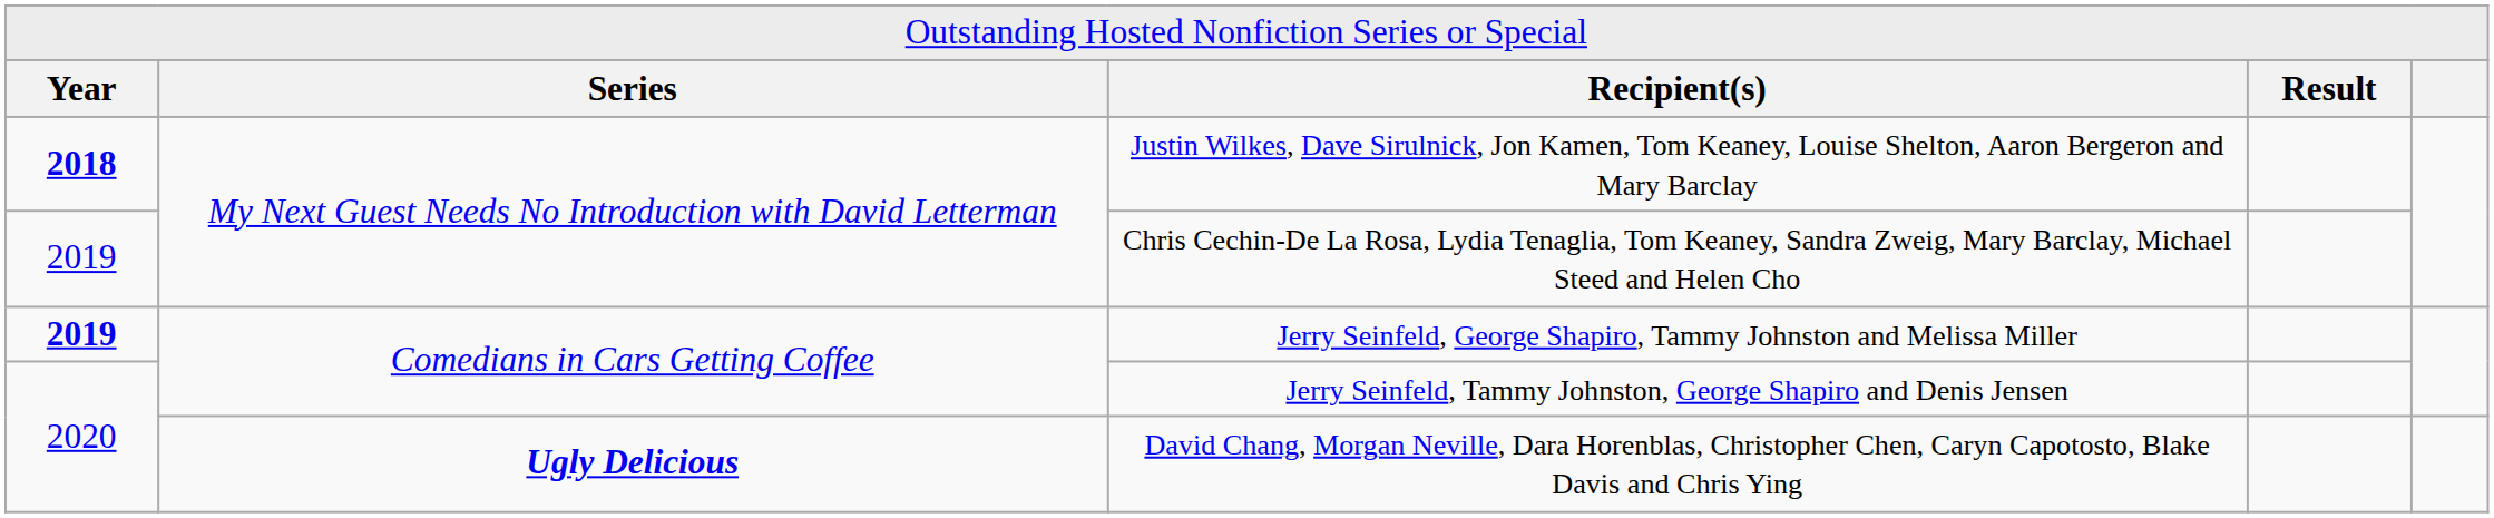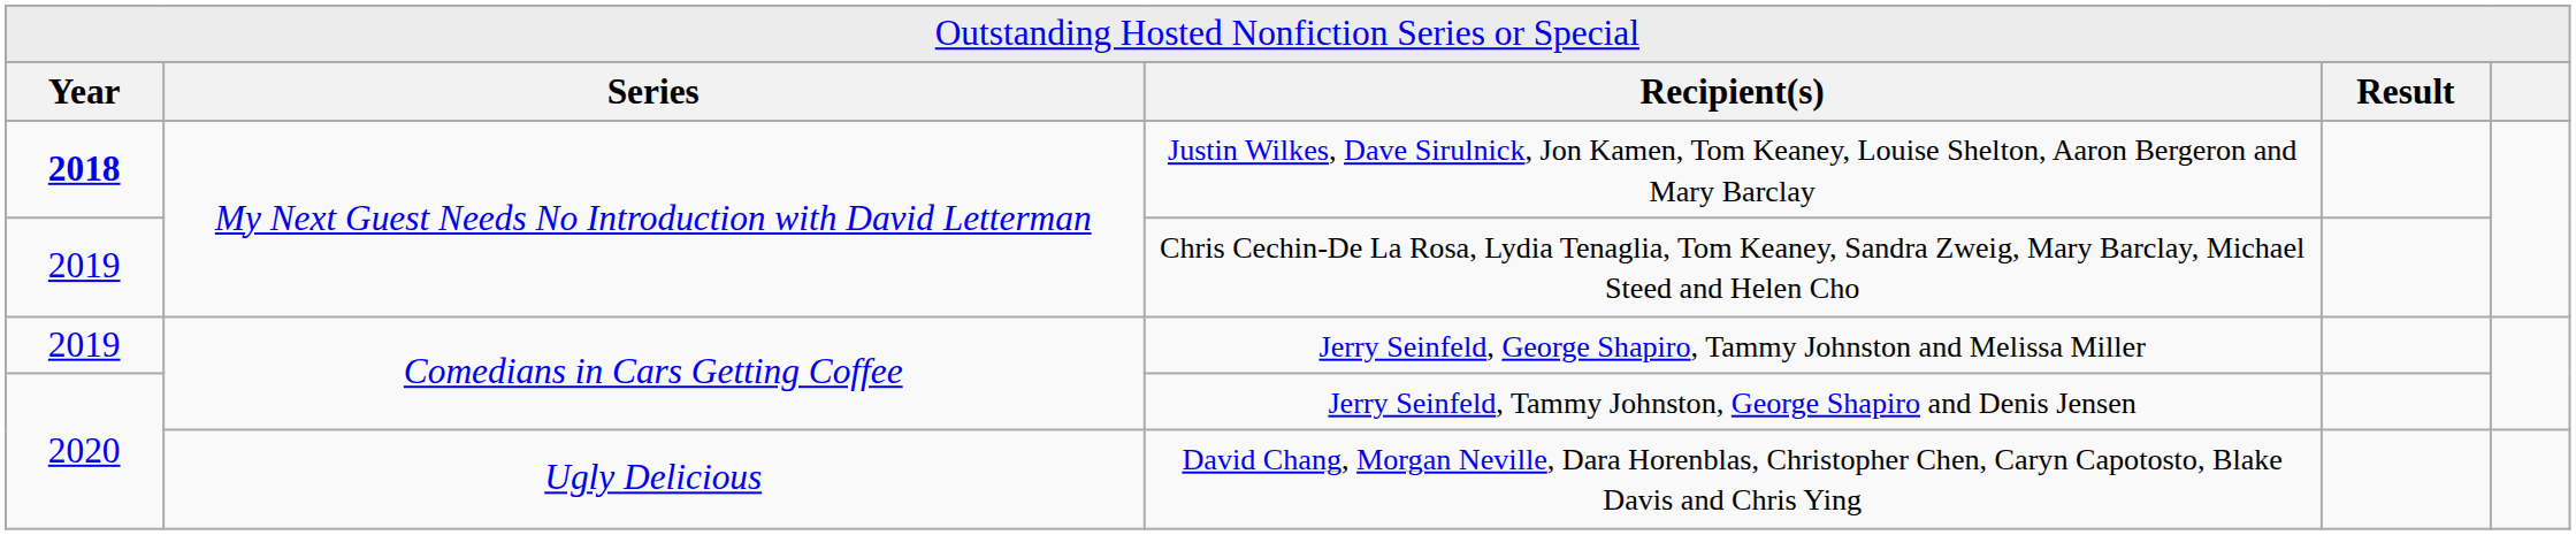 <table class="wikitable plainrowheaders" style="font-size: 100%" width=90%>
 <tr>
 <td style="background: #ececec; color:grey; text-align:center;" colspan="10"><a href='#'>Outstanding Hosted Nonfiction Series or Special</a></td>
 </tr>
 <tr>
 <th width="4%">Year</th>
 <th width="25%">Series</th>
 <th width="30%">Recipient(s)</th>
 <th width="4%">Result</th>
 <th width="2%"></th>
 </tr>
 <tr>
 <td style="text-align:center;"><strong><a href='#'>2018</a></strong></td>
 <td style="text-align:center;" rowspan="2"><em><a href='#'>My Next Guest Needs No Introduction with David Letterman</a></em></td>
 <td style="text-align:center;"><small><a href='#'>Justin Wilkes</a>, <a href='#'>Dave Sirulnick</a>, Jon Kamen, Tom Keaney, Louise Shelton, Aaron Bergeron and Mary Barclay</small></td>
 <td></td>
 <td style="text-align:center;" rowspan="2"></td>
 </tr>
 <tr>
 <td style="text-align:center;"><a href='#'>2019</a></td>
 <td style="text-align:center;"><small>Chris Cechin-De La Rosa, Lydia Tenaglia, Tom Keaney, Sandra Zweig, Mary Barclay, Michael Steed and Helen Cho</small></td>
 <td></td>
 </tr>
 <tr>
-<td style="text-align:center;"><strong><a href='#'>2019</a></strong></td>
+<td style="text-align:center;"><a href='#'>2019</a></td>
 <td style="text-align:center;" rowspan="2"><em><a href='#'>Comedians in Cars Getting Coffee</a></em></td>
 <td style="text-align:center;"><small><a href='#'>Jerry Seinfeld</a>, <a href='#'>George Shapiro</a>, Tammy Johnston and Melissa Miller</small></td>
 <td></td>
 <td style="text-align:center;" rowspan="2"></td>
 </tr>
 <tr>
 <td style="text-align:center;" rowspan="2"><a href='#'>2020</a></td>
 <td style="text-align:center;"><small><a href='#'>Jerry Seinfeld</a>, Tammy Johnston, <a href='#'>George Shapiro</a> and Denis Jensen</small></td>
 <td></td>
 </tr>
 <tr>
-<td style="text-align:center;"><strong><em><a href='#'>Ugly Delicious</a></em></strong></td>
+<td style="text-align:center;"><em><a href='#'>Ugly Delicious</a></em></td>
 <td style="text-align:center;"><small><a href='#'>David Chang</a>, <a href='#'>Morgan Neville</a>, Dara Horenblas, Christopher Chen, Caryn Capotosto, Blake Davis and Chris Ying</small></td>
 <td></td>
 <td style="text-align:center;"></td>
 </tr>
 </table>
